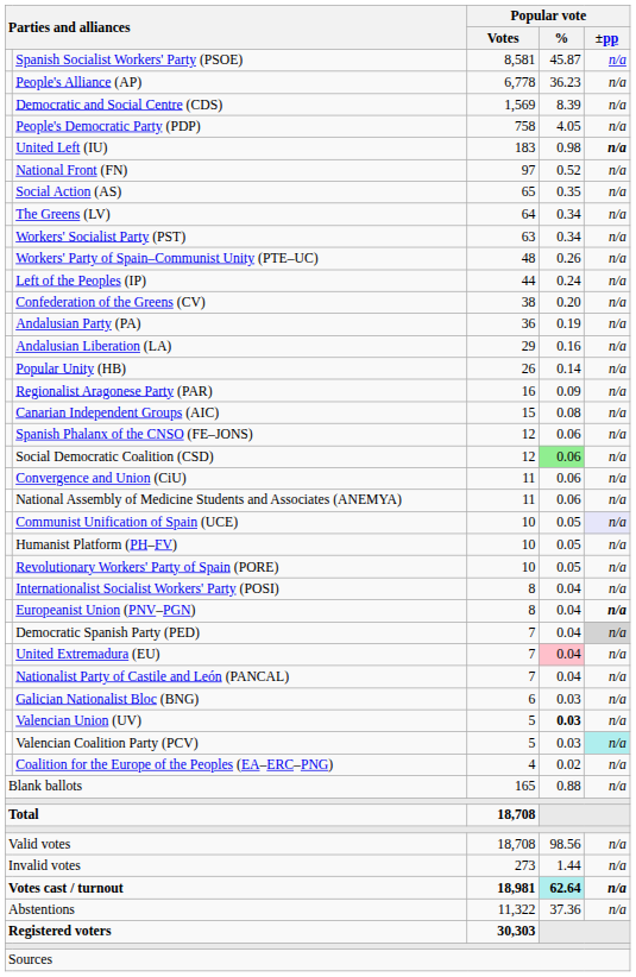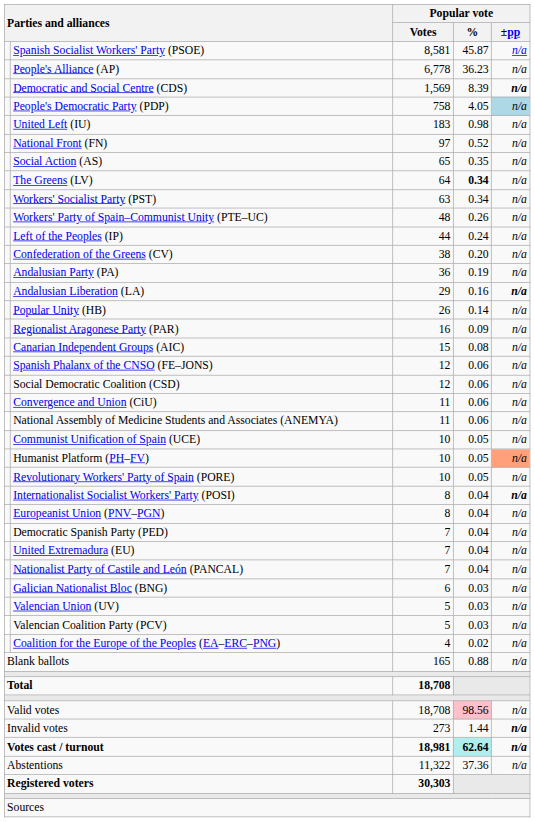 <table class="wikitable" style="text-align:right">
 <tr>
 <th style="text-align:left;" rowspan="2" colspan="2" width="525">Parties and alliances</th>
 <th colspan="3">Popular vote</th>
 </tr>
 <tr>
 <th width="75">Votes</th>
 <th width="45">%</th>
 <th width="45">±<a href='#'>pp</a></th>
 </tr>
 <tr>
 <td width="1" style="color:inherit;background:"></td>
 <td align="left"><a href='#'>Spanish Socialist Workers' Party</a> (PSOE)</td>
 <td>8,581</td>
 <td>45.87</td>
 <td><em><a href='#'>n/a</a></em></td>
 </tr>
 <tr>
 <td style="color:inherit;background:"></td>
 <td align="left"><a href='#'>People's Alliance</a> (AP)</td>
 <td>6,778</td>
 <td>36.23</td>
 <td><em>n/a</em></td>
 </tr>
 <tr>
 <td style="color:inherit;background:"></td>
 <td align="left"><a href='#'>Democratic and Social Centre</a> (CDS)</td>
 <td>1,569</td>
 <td>8.39</td>
-<td><em>n/a</em></td>
+<td><strong><em>n/a</em></strong></td>
 </tr>
 <tr>
 <td style="color:inherit;background:"></td>
 <td align="left"><a href='#'>People's Democratic Party</a> (PDP)</td>
 <td>758</td>
 <td>4.05</td>
-<td><em>n/a</em></td>
+<td style="background: lightblue;"><em>n/a</em></td>
 </tr>
 <tr>
 <td style="color:inherit;background:"></td>
 <td align="left"><a href='#'>United Left</a> (IU)</td>
 <td>183</td>
 <td>0.98</td>
-<td><strong><em>n/a</em></strong></td>
+<td><em>n/a</em></td>
 </tr>
 <tr>
 <td style="color:inherit;background:"></td>
 <td align="left"><a href='#'>National Front</a> (FN)</td>
 <td>97</td>
 <td>0.52</td>
 <td><em>n/a</em></td>
 </tr>
 <tr>
 <td style="color:inherit;background:"></td>
 <td align="left"><a href='#'>Social Action</a> (AS)</td>
 <td>65</td>
 <td>0.35</td>
 <td><em>n/a</em></td>
 </tr>
 <tr>
 <td style="color:inherit;background:"></td>
 <td align="left"><a href='#'>The Greens</a> (LV)</td>
 <td>64</td>
-<td>0.34</td>
+<td><strong>0.34</strong></td>
 <td><em>n/a</em></td>
 </tr>
 <tr>
 <td style="color:inherit;background:"></td>
 <td align="left"><a href='#'>Workers' Socialist Party</a> (PST)</td>
 <td>63</td>
 <td>0.34</td>
 <td><em>n/a</em></td>
 </tr>
 <tr>
 <td style="color:inherit;background:"></td>
 <td align="left"><a href='#'>Workers' Party of Spain–Communist Unity</a> (PTE–UC)</td>
 <td>48</td>
 <td>0.26</td>
 <td><em>n/a</em></td>
 </tr>
 <tr>
 <td style="color:inherit;background:"></td>
 <td align="left"><a href='#'>Left of the Peoples</a> (IP)</td>
 <td>44</td>
 <td>0.24</td>
 <td><em>n/a</em></td>
 </tr>
 <tr>
 <td style="color:inherit;background:"></td>
 <td align="left"><a href='#'>Confederation of the Greens</a> (CV)</td>
 <td>38</td>
 <td>0.20</td>
 <td><em>n/a</em></td>
 </tr>
 <tr>
 <td style="color:inherit;background:"></td>
 <td align="left"><a href='#'>Andalusian Party</a> (PA)</td>
 <td>36</td>
 <td>0.19</td>
 <td><em>n/a</em></td>
 </tr>
 <tr>
 <td style="color:inherit;background:"></td>
 <td align="left"><a href='#'>Andalusian Liberation</a> (LA)</td>
 <td>29</td>
 <td>0.16</td>
-<td><em>n/a</em></td>
+<td><strong><em>n/a</em></strong></td>
 </tr>
 <tr>
 <td style="color:inherit;background:"></td>
 <td align="left"><a href='#'>Popular Unity</a> (HB)</td>
 <td>26</td>
 <td>0.14</td>
 <td><em>n/a</em></td>
 </tr>
 <tr>
 <td style="color:inherit;background:"></td>
 <td align="left"><a href='#'>Regionalist Aragonese Party</a> (PAR)</td>
 <td>16</td>
 <td>0.09</td>
 <td><em>n/a</em></td>
 </tr>
 <tr>
 <td style="color:inherit;background:"></td>
 <td align="left"><a href='#'>Canarian Independent Groups</a> (AIC)</td>
 <td>15</td>
 <td>0.08</td>
 <td><em>n/a</em></td>
 </tr>
 <tr>
 <td style="color:inherit;background:"></td>
 <td align="left"><a href='#'>Spanish Phalanx of the CNSO</a> (FE–JONS)</td>
 <td>12</td>
 <td>0.06</td>
 <td><em>n/a</em></td>
 </tr>
 <tr>
 <td style="color:inherit;background:"></td>
 <td align="left">Social Democratic Coalition (CSD)</td>
 <td>12</td>
-<td style="background: lightgreen;">0.06</td>
+<td>0.06</td>
 <td><em>n/a</em></td>
 </tr>
 <tr>
 <td style="color:inherit;background:"></td>
 <td align="left"><a href='#'>Convergence and Union</a> (CiU)</td>
 <td>11</td>
 <td>0.06</td>
 <td><em>n/a</em></td>
 </tr>
 <tr>
 <td bgcolor="white"></td>
 <td align="left">National Assembly of Medicine Students and Associates (ANEMYA)</td>
 <td>11</td>
 <td>0.06</td>
 <td><em>n/a</em></td>
 </tr>
 <tr>
 <td style="color:inherit;background:"></td>
 <td align="left"><a href='#'>Communist Unification of Spain</a> (UCE)</td>
 <td>10</td>
 <td>0.05</td>
-<td style="background: lavender;"><em>n/a</em></td>
+<td><em>n/a</em></td>
 </tr>
 <tr>
 <td style="color:inherit;background:"></td>
 <td align="left">Humanist Platform (<a href='#'>PH</a>–<a href='#'>FV</a>)</td>
 <td>10</td>
 <td>0.05</td>
-<td><em>n/a</em></td>
+<td style="background: lightsalmon;"><em>n/a</em></td>
 </tr>
 <tr>
 <td style="color:inherit;background:"></td>
 <td align="left"><a href='#'>Revolutionary Workers' Party of Spain</a> (PORE)</td>
 <td>10</td>
 <td>0.05</td>
 <td><em>n/a</em></td>
 </tr>
 <tr>
 <td style="color:inherit;background:"></td>
 <td align="left"><a href='#'>Internationalist Socialist Workers' Party</a> (POSI)</td>
 <td>8</td>
 <td>0.04</td>
-<td><em>n/a</em></td>
+<td><strong><em>n/a</em></strong></td>
 </tr>
 <tr>
 <td style="color:inherit;background:"></td>
 <td align="left"><a href='#'>Europeanist Union</a> (<a href='#'>PNV</a>–<a href='#'>PGN</a>)</td>
 <td>8</td>
 <td>0.04</td>
-<td><strong><em>n/a</em></strong></td>
+<td><em>n/a</em></td>
 </tr>
 <tr>
 <td bgcolor="white"></td>
 <td align="left">Democratic Spanish Party (PED)</td>
 <td>7</td>
 <td>0.04</td>
-<td style="background: lightgrey;"><em>n/a</em></td>
+<td><em>n/a</em></td>
 </tr>
 <tr>
 <td style="color:inherit;background:"></td>
 <td align="left"><a href='#'>United Extremadura</a> (EU)</td>
 <td>7</td>
-<td style="background: pink;">0.04</td>
+<td>0.04</td>
 <td><em>n/a</em></td>
 </tr>
 <tr>
 <td style="color:inherit;background:"></td>
 <td align="left"><a href='#'>Nationalist Party of Castile and León</a> (PANCAL)</td>
 <td>7</td>
 <td>0.04</td>
 <td><em>n/a</em></td>
 </tr>
 <tr>
 <td style="color:inherit;background:"></td>
 <td align="left"><a href='#'>Galician Nationalist Bloc</a> (BNG)</td>
 <td>6</td>
 <td>0.03</td>
 <td><em>n/a</em></td>
 </tr>
 <tr>
 <td style="color:inherit;background:"></td>
 <td align="left"><a href='#'>Valencian Union</a> (UV)</td>
 <td>5</td>
-<td><strong>0.03</strong></td>
+<td>0.03</td>
 <td><em>n/a</em></td>
 </tr>
 <tr>
 <td bgcolor="white"></td>
 <td align="left">Valencian Coalition Party (PCV)</td>
 <td>5</td>
 <td>0.03</td>
-<td style="background: paleturquoise;"><em>n/a</em></td>
+<td><em>n/a</em></td>
 </tr>
 <tr>
 <td style="color:inherit;background:"></td>
 <td align="left"><a href='#'>Coalition for the Europe of the Peoples</a> (<a href='#'>EA</a>–<a href='#'>ERC</a>–<a href='#'>PNG</a>)</td>
 <td>4</td>
 <td>0.02</td>
 <td><em>n/a</em></td>
 </tr>
 <tr>
 <td align="left" colspan="2">Blank ballots</td>
 <td>165</td>
 <td>0.88</td>
 <td><em>n/a</em></td>
 </tr>
 <tr>
 <td colspan="5" bgcolor="#E9E9E9"></td>
 </tr>
 <tr style="font-weight:bold;">
 <td align="left" colspan="2">Total</td>
 <td>18,708</td>
 <td bgcolor="#E9E9E9" colspan="2"></td>
 </tr>
 <tr>
 <td colspan="5" bgcolor="#E9E9E9"></td>
 </tr>
 <tr>
 <td align="left" colspan="2">Valid votes</td>
 <td>18,708</td>
-<td>98.56</td>
+<td style="background: pink;">98.56</td>
 <td><em>n/a</em></td>
 </tr>
 <tr>
 <td align="left" colspan="2">Invalid votes</td>
 <td>273</td>
 <td>1.44</td>
-<td><em>n/a</em></td>
+<td><strong><em>n/a</em></strong></td>
 </tr>
 <tr style="font-weight:bold;">
 <td align="left" colspan="2">Votes cast / turnout</td>
 <td>18,981</td>
 <td style="background: paleturquoise;">62.64</td>
 <td><em>n/a</em></td>
 </tr>
 <tr>
 <td align="left" colspan="2">Abstentions</td>
 <td>11,322</td>
 <td>37.36</td>
 <td><em>n/a</em></td>
 </tr>
 <tr style="font-weight:bold;">
 <td align="left" colspan="2">Registered voters</td>
 <td>30,303</td>
 <td bgcolor="#E9E9E9" colspan="2"></td>
 </tr>
 <tr>
 <td colspan="5" bgcolor="#E9E9E9"></td>
 </tr>
 <tr>
 <td align="left" colspan="5">Sources</td>
 </tr>
 </table>
